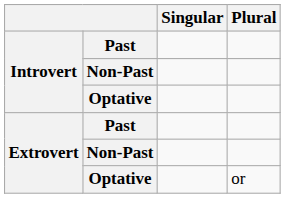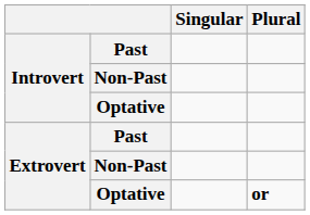 <table class="wikitable">
 <tr>
 <th colspan="2"></th>
 <th>Singular</th>
 <th>Plural</th>
 </tr>
 <tr>
 <th rowspan="3">Introvert</th>
 <th>Past</th>
 <td></td>
 <td></td>
 </tr>
 <tr>
 <th>Non-Past</th>
 <td></td>
 <td></td>
 </tr>
 <tr>
 <th>Optative</th>
 <td></td>
 <td></td>
 </tr>
 <tr>
 <th rowspan="3">Extrovert</th>
 <th>Past</th>
 <td></td>
 <td></td>
 </tr>
 <tr>
 <th>Non-Past</th>
 <td></td>
 <td></td>
 </tr>
 <tr>
 <th>Optative</th>
 <td></td>
-<td> or </td>
+<td><strong> or </strong></td>
 </tr>
 </table>
